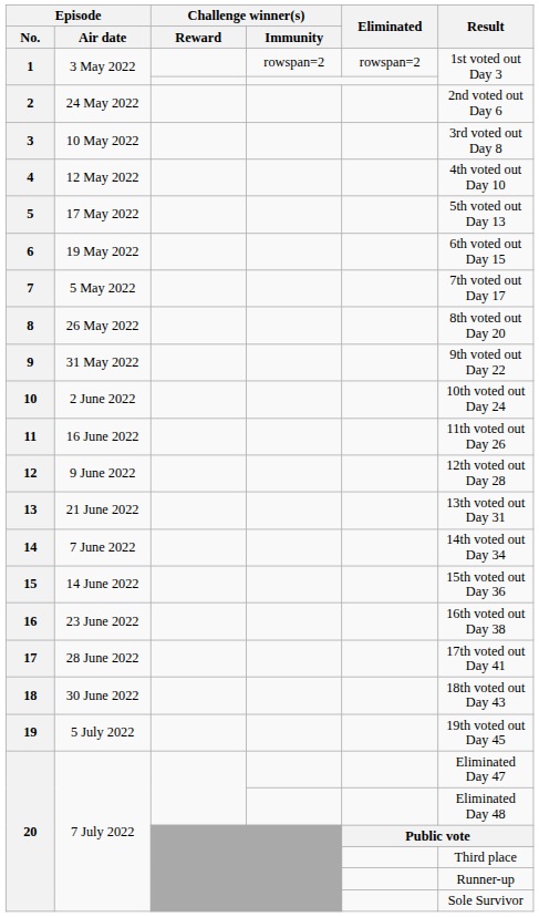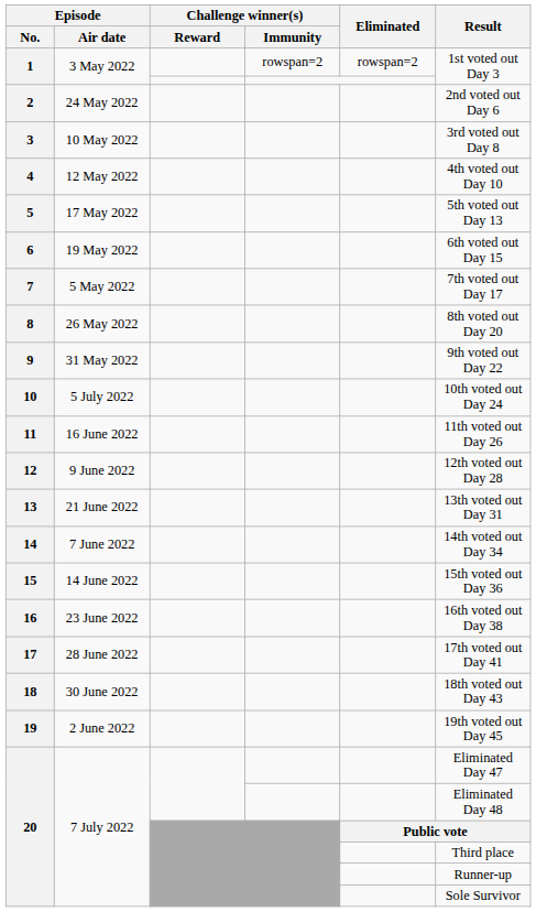 <table class="wikitable width=100% plainrowheaders nowrap" style="margin:auto; text-align:center">
 <tr>
 <th scope="col" colspan=2>Episode</th>
 <th scope="col" colspan=2>Challenge winner(s)</th>
 <th scope="col" rowspan=2 width=105>Eliminated</th>
 <th scope="col" rowspan=2 width=105>Result</th>
 </tr>
 <tr>
 <th scope="col" width=050>No.</th>
 <th scope="col" width=105>Air date</th>
 <th scope="col" width=105>Reward</th>
 <th scope="col" width=105>Immunity</th>
 </tr>
 <tr>
 <th rowspan=2>1</th>
 <td rowspan=2>3 May 2022</td>
 <td></td>
 <td>rowspan=2 </td>
 <td>rowspan=2 </td>
 <td rowspan=2>1st voted out<br>Day 3</td>
 </tr>
 <tr>
 <td></td>
 </tr>
 <tr>
 <th>2</th>
 <td>24 May 2022</td>
 <td></td>
 <td></td>
 <td></td>
 <td>2nd voted out<br>Day 6</td>
 </tr>
 <tr>
 <th>3</th>
 <td>10 May 2022</td>
 <td></td>
 <td></td>
 <td></td>
 <td>3rd voted out<br>Day 8</td>
 </tr>
 <tr>
 <th>4</th>
 <td>12 May 2022</td>
 <td></td>
 <td></td>
 <td></td>
 <td>4th voted out<br>Day 10</td>
 </tr>
 <tr>
 <th>5</th>
 <td>17 May 2022</td>
 <td></td>
 <td></td>
 <td></td>
 <td>5th voted out<br>Day 13</td>
 </tr>
 <tr>
 <th>6</th>
 <td>19 May 2022</td>
 <td></td>
 <td></td>
 <td></td>
 <td>6th voted out<br>Day 15</td>
 </tr>
 <tr>
 <th>7</th>
 <td>5 May 2022</td>
 <td></td>
 <td></td>
 <td></td>
 <td>7th voted out<br>Day 17</td>
 </tr>
 <tr>
 <th>8</th>
 <td>26 May 2022</td>
 <td></td>
 <td></td>
 <td></td>
 <td>8th voted out<br>Day 20</td>
 </tr>
 <tr>
 <th>9</th>
 <td>31 May 2022</td>
 <td></td>
 <td></td>
 <td></td>
 <td>9th voted out<br>Day 22</td>
 </tr>
 <tr>
 <th>10</th>
-<td>2 June 2022</td>
+<td>5 July 2022</td>
 <td></td>
 <td></td>
 <td></td>
 <td>10th voted out<br>Day 24</td>
 </tr>
 <tr>
 <th>11</th>
 <td>16 June 2022</td>
 <td></td>
 <td></td>
 <td></td>
 <td>11th voted out<br>Day 26</td>
 </tr>
 <tr>
 <th>12</th>
 <td>9 June 2022</td>
 <td></td>
 <td></td>
 <td></td>
 <td>12th voted out<br>Day 28</td>
 </tr>
 <tr>
 <th>13</th>
 <td>21 June 2022</td>
 <td></td>
 <td></td>
 <td></td>
 <td>13th voted out<br>Day 31</td>
 </tr>
 <tr>
 <th>14</th>
 <td>7 June 2022</td>
 <td></td>
 <td></td>
 <td></td>
 <td>14th voted out<br>Day 34</td>
 </tr>
 <tr>
 <th>15</th>
 <td>14 June 2022</td>
 <td></td>
 <td></td>
 <td></td>
 <td>15th voted out<br>Day 36</td>
 </tr>
 <tr>
 <th>16</th>
 <td>23 June 2022</td>
 <td></td>
 <td></td>
 <td></td>
 <td>16th voted out<br>Day 38</td>
 </tr>
 <tr>
 <th>17</th>
 <td>28 June 2022</td>
 <td></td>
 <td></td>
 <td></td>
 <td>17th voted out<br>Day 41</td>
 </tr>
 <tr>
 <th>18</th>
 <td>30 June 2022</td>
 <td></td>
 <td></td>
 <td></td>
 <td>18th voted out<br>Day 43</td>
 </tr>
 <tr>
 <th>19</th>
-<td>5 July 2022</td>
+<td>2 June 2022</td>
 <td></td>
 <td></td>
 <td></td>
 <td>19th voted out<br>Day 45</td>
 </tr>
 <tr>
 <th rowspan=6>20</th>
 <td rowspan=6>7 July 2022</td>
 <td rowspan=2></td>
 <td></td>
 <td></td>
 <td>Eliminated<br>Day 47</td>
 </tr>
 <tr>
 <td></td>
 <td></td>
 <td>Eliminated<br>Day 48</td>
 </tr>
 <tr>
 <td rowspan=4 colspan=2 bgcolor=A9A9A9></td>
 <th colspan=2>Public vote</th>
 </tr>
 <tr>
 <td></td>
 <td>Third place</td>
 </tr>
 <tr>
 <td></td>
 <td>Runner-up</td>
 </tr>
 <tr>
 <td></td>
 <td>Sole Survivor</td>
 </tr>
 </table>
